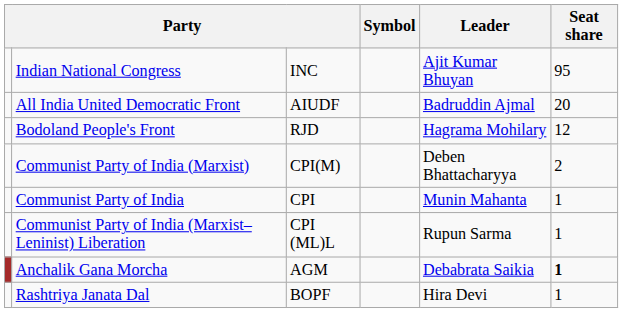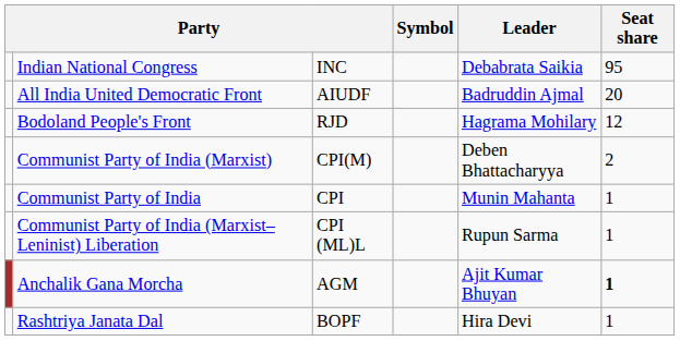 <table class="wikitable">
 <tr>
 <th colspan="3">Party</th>
 <th>Symbol</th>
 <th>Leader</th>
 <th>Seat share</th>
 </tr>
 <tr>
 <td ! style="text-align:center; background:"></td>
 <td><a href='#'>Indian National Congress</a></td>
 <td>INC</td>
 <td></td>
-<td><a href='#'>Ajit Kumar Bhuyan</a></td>
+<td><a href='#'>Debabrata Saikia</a></td>
 <td>95</td>
 </tr>
 <tr>
 <td ! style="text-align:center; background:"></td>
 <td><a href='#'>All India United Democratic Front</a></td>
 <td>AIUDF</td>
 <td></td>
 <td><a href='#'>Badruddin Ajmal</a></td>
 <td>20</td>
 </tr>
 <tr>
 <td ! style="text-align:center; background:"></td>
 <td><a href='#'>Bodoland People's Front</a></td>
 <td>RJD</td>
 <td></td>
 <td><a href='#'>Hagrama Mohilary</a></td>
 <td>12</td>
 </tr>
 <tr>
 <td style="text-align:center; background:"></td>
 <td><a href='#'>Communist Party of India (Marxist)</a></td>
 <td>CPI(M)</td>
 <td></td>
 <td>Deben Bhattacharyya</td>
 <td>2</td>
 </tr>
 <tr>
 <td style="text-align:center; background:"></td>
 <td><a href='#'>Communist Party of India</a></td>
 <td>CPI</td>
 <td></td>
 <td><a href='#'>Munin Mahanta</a></td>
 <td>1</td>
 </tr>
 <tr>
 <td style="text-align:center; background:"></td>
 <td><a href='#'>Communist Party of India (Marxist–Leninist) Liberation</a></td>
 <td>CPI (ML)L</td>
 <td></td>
 <td>Rupun Sarma</td>
 <td>1</td>
 </tr>
 <tr>
 <td style="text-align:center; background:brown;color:black"></td>
 <td><a href='#'>Anchalik Gana Morcha</a></td>
 <td>AGM</td>
 <td></td>
-<td><a href='#'>Debabrata Saikia</a></td>
+<td><a href='#'>Ajit Kumar Bhuyan</a></td>
 <td><strong>1</strong></td>
 </tr>
 <tr>
 <td style="text-align:center; background:"></td>
 <td><a href='#'>Rashtriya Janata Dal</a></td>
 <td>BOPF</td>
 <td></td>
 <td>Hira Devi</td>
 <td>1</td>
 </tr>
 </table>
